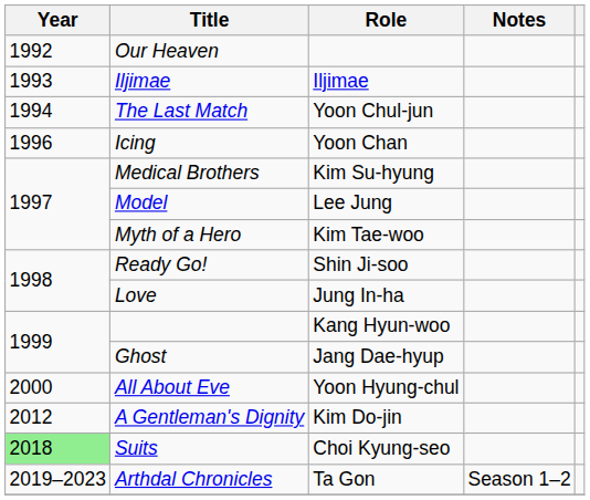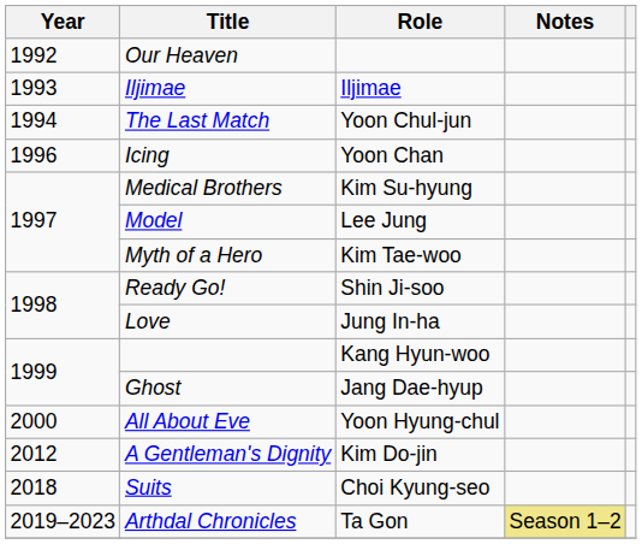 <table class="wikitable plainrowheaders sortable">
 <tr>
 <th>Year</th>
 <th>Title</th>
 <th>Role</th>
 <th scope="col" class="unsortable">Notes</th>
 <th scope="col" class="unsortable"></th>
 </tr>
 <tr>
 <td>1992</td>
 <td><em>Our Heaven</em></td>
 <td></td>
 <td></td>
 <td></td>
 </tr>
 <tr>
 <td>1993</td>
 <td><em><a href='#'>Iljimae</a></em></td>
 <td><a href='#'>Iljimae</a></td>
 <td></td>
 <td></td>
 </tr>
 <tr>
 <td>1994</td>
 <td><em><a href='#'>The Last Match</a></em></td>
 <td>Yoon Chul-jun</td>
 <td></td>
 <td></td>
 </tr>
 <tr>
 <td>1996</td>
 <td><em>Icing</em></td>
 <td>Yoon Chan</td>
 <td></td>
 <td style="text-align:center"></td>
 </tr>
 <tr>
 <td rowspan=3>1997</td>
 <td><em>Medical Brothers</em></td>
 <td>Kim Su-hyung</td>
 <td></td>
 <td style="text-align:center"></td>
 </tr>
 <tr>
 <td><em><a href='#'>Model</a></em></td>
 <td>Lee Jung</td>
 <td></td>
 <td style="text-align:center"></td>
 </tr>
 <tr>
 <td><em>Myth of a Hero</em></td>
 <td>Kim Tae-woo</td>
 <td></td>
 <td style="text-align:center"></td>
 </tr>
 <tr>
 <td rowspan=2>1998</td>
 <td><em>Ready Go!</em></td>
 <td>Shin Ji-soo</td>
 <td></td>
 <td style="text-align:center"></td>
 </tr>
 <tr>
 <td><em>Love</em></td>
 <td>Jung In-ha</td>
 <td></td>
 <td style="text-align:center"></td>
 </tr>
 <tr>
 <td rowspan=2>1999</td>
 <td><em></em></td>
 <td>Kang Hyun-woo</td>
 <td></td>
 <td style="text-align:center"></td>
 </tr>
 <tr>
 <td><em>Ghost</em></td>
 <td>Jang Dae-hyup</td>
 <td></td>
 <td style="text-align:center"></td>
 </tr>
 <tr>
 <td>2000</td>
 <td><em><a href='#'>All About Eve</a></em></td>
 <td>Yoon Hyung-chul</td>
 <td></td>
 <td style="text-align:center"></td>
 </tr>
 <tr>
 <td>2012</td>
 <td><em><a href='#'>A Gentleman's Dignity</a></em></td>
 <td>Kim Do-jin</td>
 <td></td>
 <td></td>
 </tr>
 <tr>
-<td style="background: lightgreen;">2018</td>
+<td>2018</td>
 <td><em><a href='#'>Suits</a></em></td>
 <td>Choi Kyung-seo</td>
 <td></td>
 <td></td>
 </tr>
 <tr>
 <td>2019–2023</td>
 <td><em><a href='#'>Arthdal Chronicles</a></em></td>
 <td>Ta Gon</td>
-<td>Season 1–2</td>
+<td style="background: khaki;">Season 1–2</td>
 <td style="text-align:center"></td>
 </tr>
 <tr>
 </tr>
 </table>
